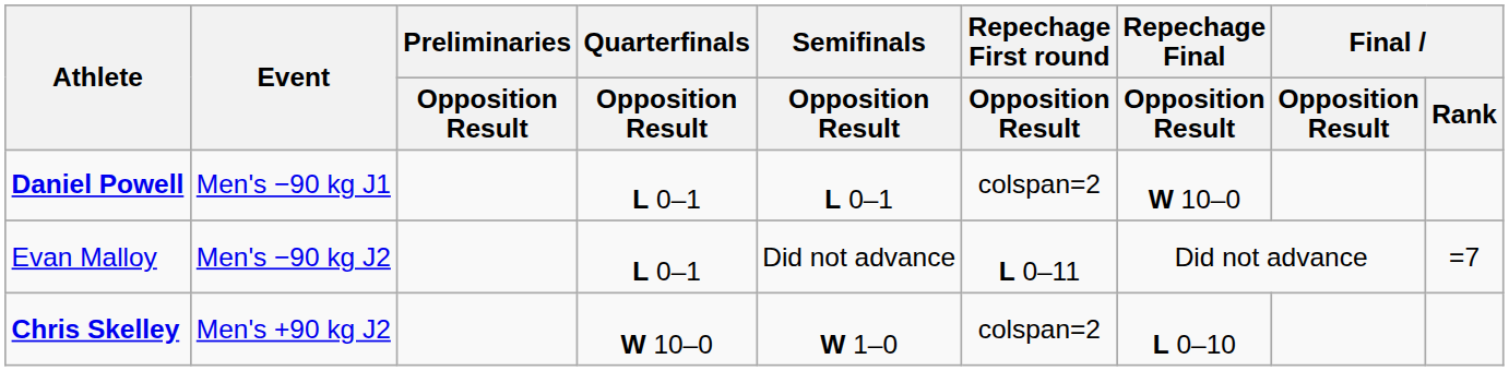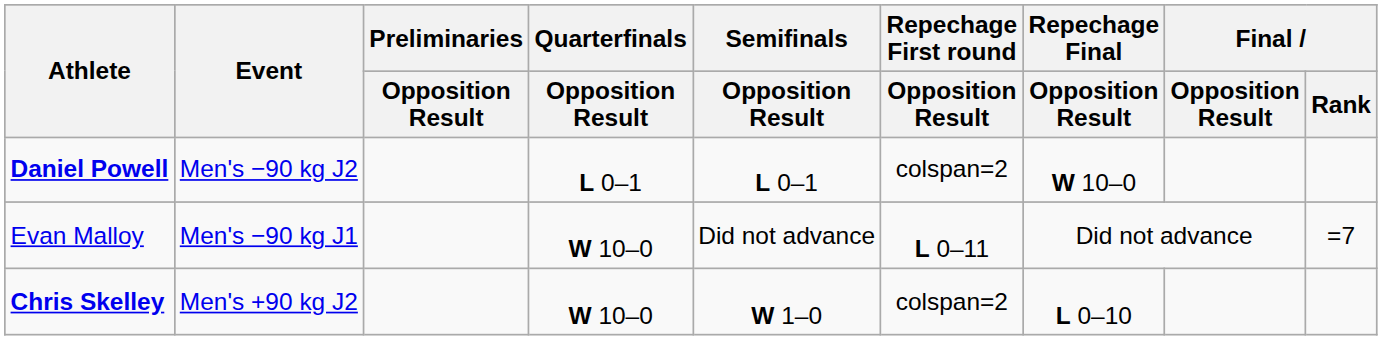 <table class="wikitable" style="font-size:90%">
 <tr>
 <th rowspan="2">Athlete</th>
 <th rowspan="2">Event</th>
 <th>Preliminaries</th>
 <th>Quarterfinals</th>
 <th>Semifinals</th>
 <th>Repechage<br>First round</th>
 <th>Repechage<br>Final</th>
 <th colspan="2">Final / </th>
 </tr>
 <tr>
 <th>Opposition<br>Result</th>
 <th>Opposition<br>Result</th>
 <th>Opposition<br>Result</th>
 <th>Opposition<br>Result</th>
 <th>Opposition<br>Result</th>
 <th>Opposition<br>Result</th>
 <th>Rank</th>
 </tr>
 <tr style="text-align:center">
 <td style="text-align:left"><strong><a href='#'>Daniel Powell</a></strong></td>
-<td style="text-align:left"><a href='#'>Men's −90 kg J1</a></td>
+<td style="text-align:left"><a href='#'>Men's −90 kg J2</a></td>
 <td></td>
 <td><br><strong>L</strong> 0–1</td>
 <td><br><strong>L</strong> 0–1</td>
 <td>colspan=2 </td>
 <td><br><strong>W</strong> 10–0</td>
 <td></td>
 </tr>
 <tr style="text-align:center">
 <td style="text-align:left"><a href='#'>Evan Malloy</a></td>
-<td style="text-align:left"><a href='#'>Men's −90 kg J2</a></td>
+<td style="text-align:left"><a href='#'>Men's −90 kg J1</a></td>
 <td></td>
-<td><br><strong>L</strong> 0–1</td>
+<td><br><strong>W</strong> 10–0</td>
 <td>Did not advance</td>
 <td><br><strong>L</strong> 0–11</td>
 <td colspan=2>Did not advance</td>
 <td>=7</td>
 </tr>
 <tr style="text-align:center">
 <td style="text-align:left"><strong><a href='#'>Chris Skelley</a></strong></td>
 <td style="text-align:left"><a href='#'>Men's +90 kg J2</a></td>
 <td></td>
 <td><br><strong>W</strong> 10–0</td>
 <td><br><strong>W</strong> 1–0</td>
 <td>colspan=2 </td>
 <td><br><strong>L</strong> 0–10</td>
 <td></td>
 </tr>
 </table>
